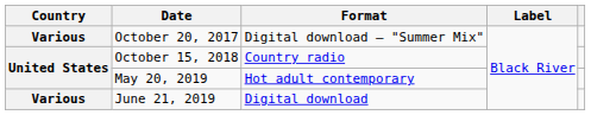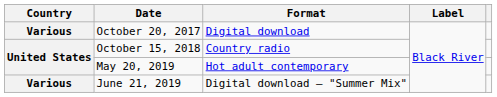 <table class="wikitable plainrowheaders">
 <tr>
 <th>Country</th>
 <th>Date</th>
 <th>Format</th>
 <th>Label</th>
 <th></th>
 </tr>
 <tr>
 <th scope="row">Various</th>
 <td>October 20, 2017</td>
-<td>Digital download – "Summer Mix"</td>
+<td><a href='#'>Digital download</a></td>
 <td rowspan="4"><a href='#'>Black River</a></td>
 <td></td>
 </tr>
 <tr>
 <th scope="row" rowspan="2">United States</th>
 <td>October 15, 2018</td>
 <td><a href='#'>Country radio</a></td>
 <td></td>
 </tr>
 <tr>
 <td>May 20, 2019</td>
 <td><a href='#'>Hot adult contemporary</a></td>
 <td></td>
 </tr>
 <tr>
 <th scope="row">Various</th>
 <td>June 21, 2019</td>
-<td><a href='#'>Digital download</a></td>
+<td>Digital download – "Summer Mix"</td>
 <td></td>
 </tr>
 </table>
